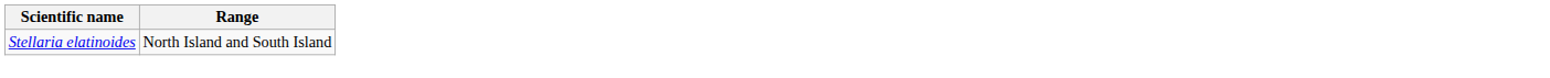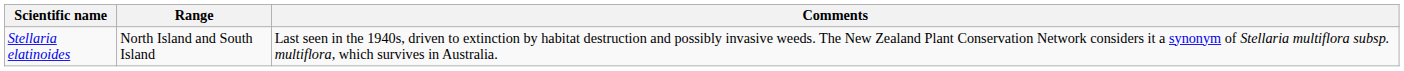 <table class="wikitable">
 <tr>
 <th>Scientific name</th>
 <th>Range</th>
+<th class="unsortable">Comments</th>
 </tr>
 <tr>
 <td><em><a href='#'>Stellaria elatinoides</a></em></td>
 <td>North Island and South Island</td>
+<td>Last seen in the 1940s, driven to extinction by habitat destruction and possibly invasive weeds. The New Zealand Plant Conservation Network considers it a <a href='#'>synonym</a> of <em>Stellaria multiflora subsp. multiflora</em>, which survives in Australia.</td>
 </tr>
 </table>
